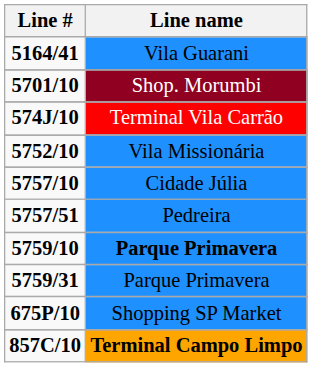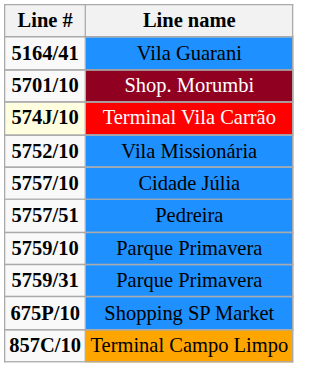 <table class="wikitable">
 <tr>
 <th align="center">Line #</th>
 <th align="center">Line name</th>
 </tr>
 <tr>
 </tr>
 <tr>
 <td align="center"><strong>5164/41</strong></td>
 <td align="center" bgcolor="#1E90FF">Vila Guarani</td>
 </tr>
 <tr>
 </tr>
 <tr>
 <td align="center"><strong>5701/10</strong></td>
 <td align="center" bgcolor="#900020" style="color:white">Shop. Morumbi</td>
 </tr>
 <tr>
 </tr>
 <tr>
-<td align="center"><strong>574J/10</strong></td>
+<td align="center" style="background: lightyellow;"><strong>574J/10</strong></td>
 <td align="center" bgcolor="red" style="color:white">Terminal Vila Carrão</td>
 </tr>
 <tr>
 </tr>
 <tr>
 <td align="center"><strong>5752/10</strong></td>
 <td align="center" bgcolor="#1E90FF">Vila Missionária</td>
 </tr>
 <tr>
 </tr>
 <tr>
 <td align="center"><strong>5757/10</strong></td>
 <td align="center" bgcolor="#1E90FF">Cidade Júlia</td>
 </tr>
 <tr>
 <td align="center"><strong>5757/51</strong></td>
 <td align="center" bgcolor="#1E90FF">Pedreira</td>
 </tr>
 <tr>
 </tr>
 <tr>
 <td align="center"><strong>5759/10</strong></td>
-<td align="center" bgcolor="#1E90FF"><strong>Parque Primavera</strong></td>
+<td align="center" bgcolor="#1E90FF">Parque Primavera</td>
 </tr>
 <tr>
 </tr>
 <tr>
 <td align="center"><strong>5759/31</strong></td>
 <td align="center" bgcolor="#1E90FF">Parque Primavera</td>
 </tr>
 <tr>
 </tr>
 <tr>
 </tr>
 <tr>
 </tr>
 <tr>
 </tr>
 <tr>
 <td align="center"><strong>675P/10</strong></td>
 <td align="center" bgcolor="#1E90FF">Shopping SP Market</td>
 </tr>
 <tr>
 </tr>
 <tr>
 <td align="center"><strong>857C/10</strong></td>
-<td align="center" bgcolor="orange"><strong>Terminal Campo Limpo</strong></td>
+<td align="center" bgcolor="orange">Terminal Campo Limpo</td>
 </tr>
 </table>
